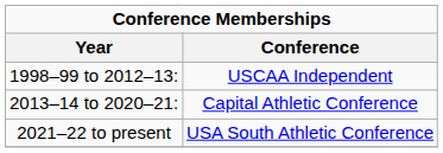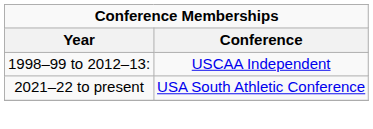 <table class="wikitable sortable" style="text-align:center">
 <tr>
 <td colspan="2"><strong>Conference Memberships</strong></td>
 </tr>
 <tr>
 <th>Year</th>
 <th>Conference</th>
 </tr>
 <tr>
 <td>1998–99 to 2012–13:</td>
 <td><a href='#'>USCAA Independent</a></td>
 </tr>
 <tr>
-<td>2013–14 to 2020–21:</td>
-<td><a href='#'>Capital Athletic Conference</a></td>
-</tr>
-<tr>
 <td>2021–22 to present</td>
 <td><a href='#'>USA South Athletic Conference</a></td>
 </tr>
 <tr>
 </tr>
 </table>
